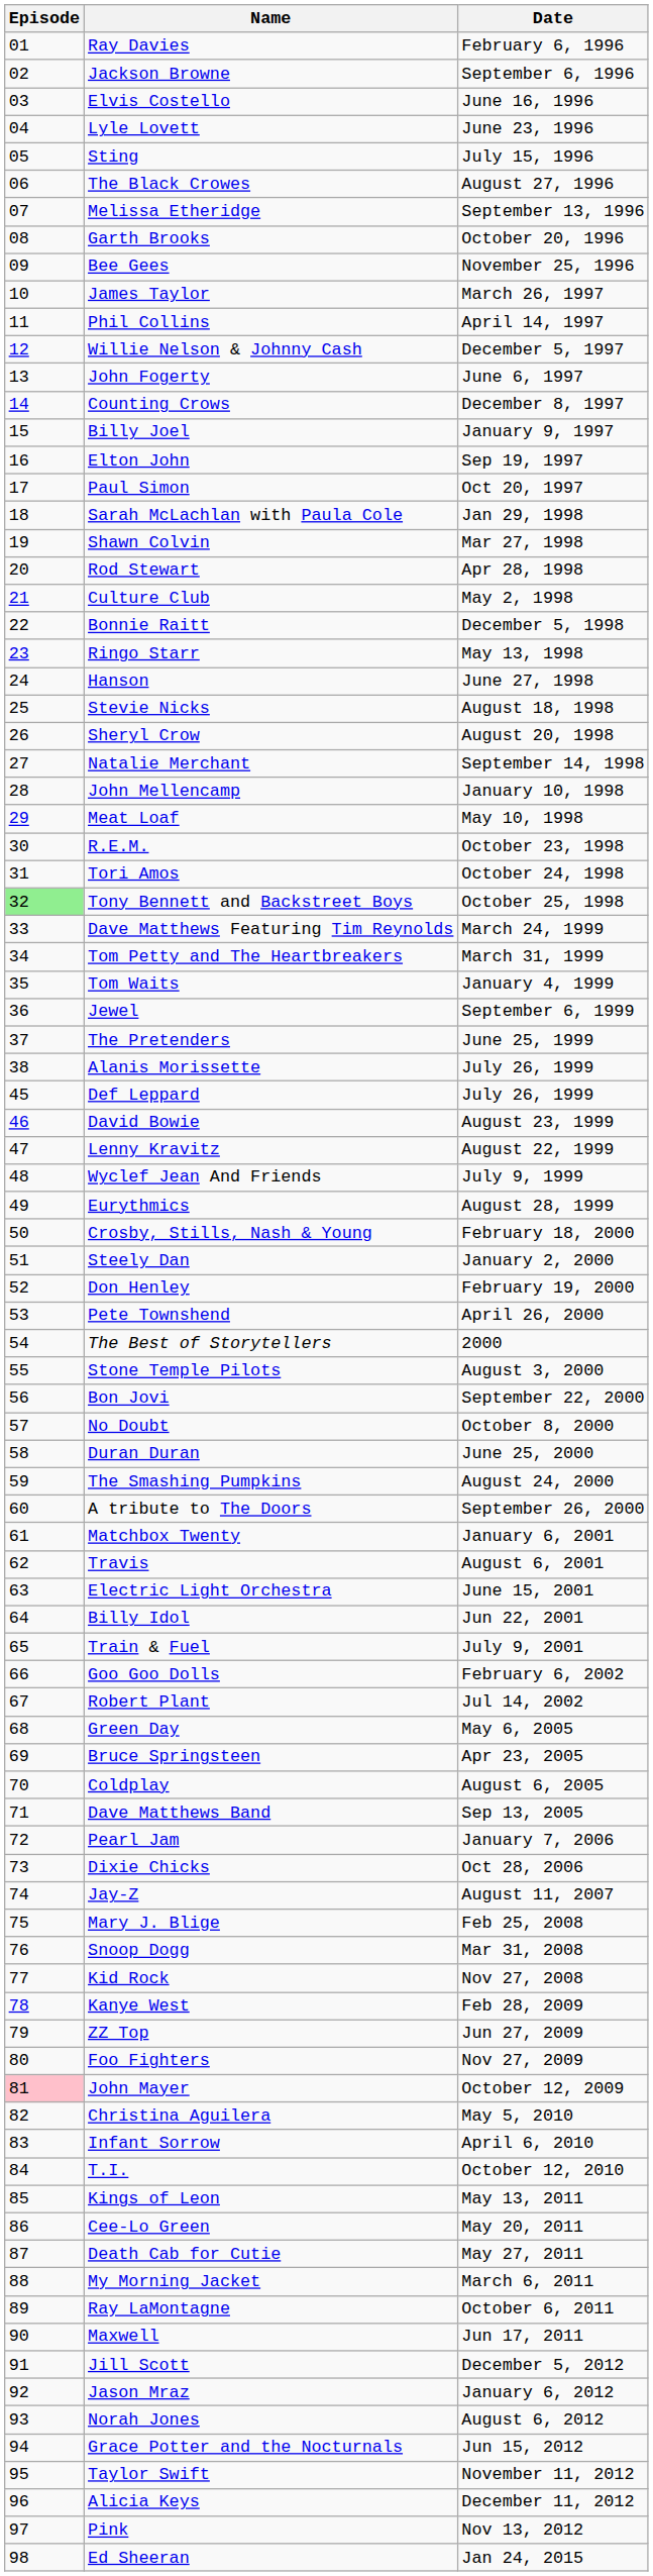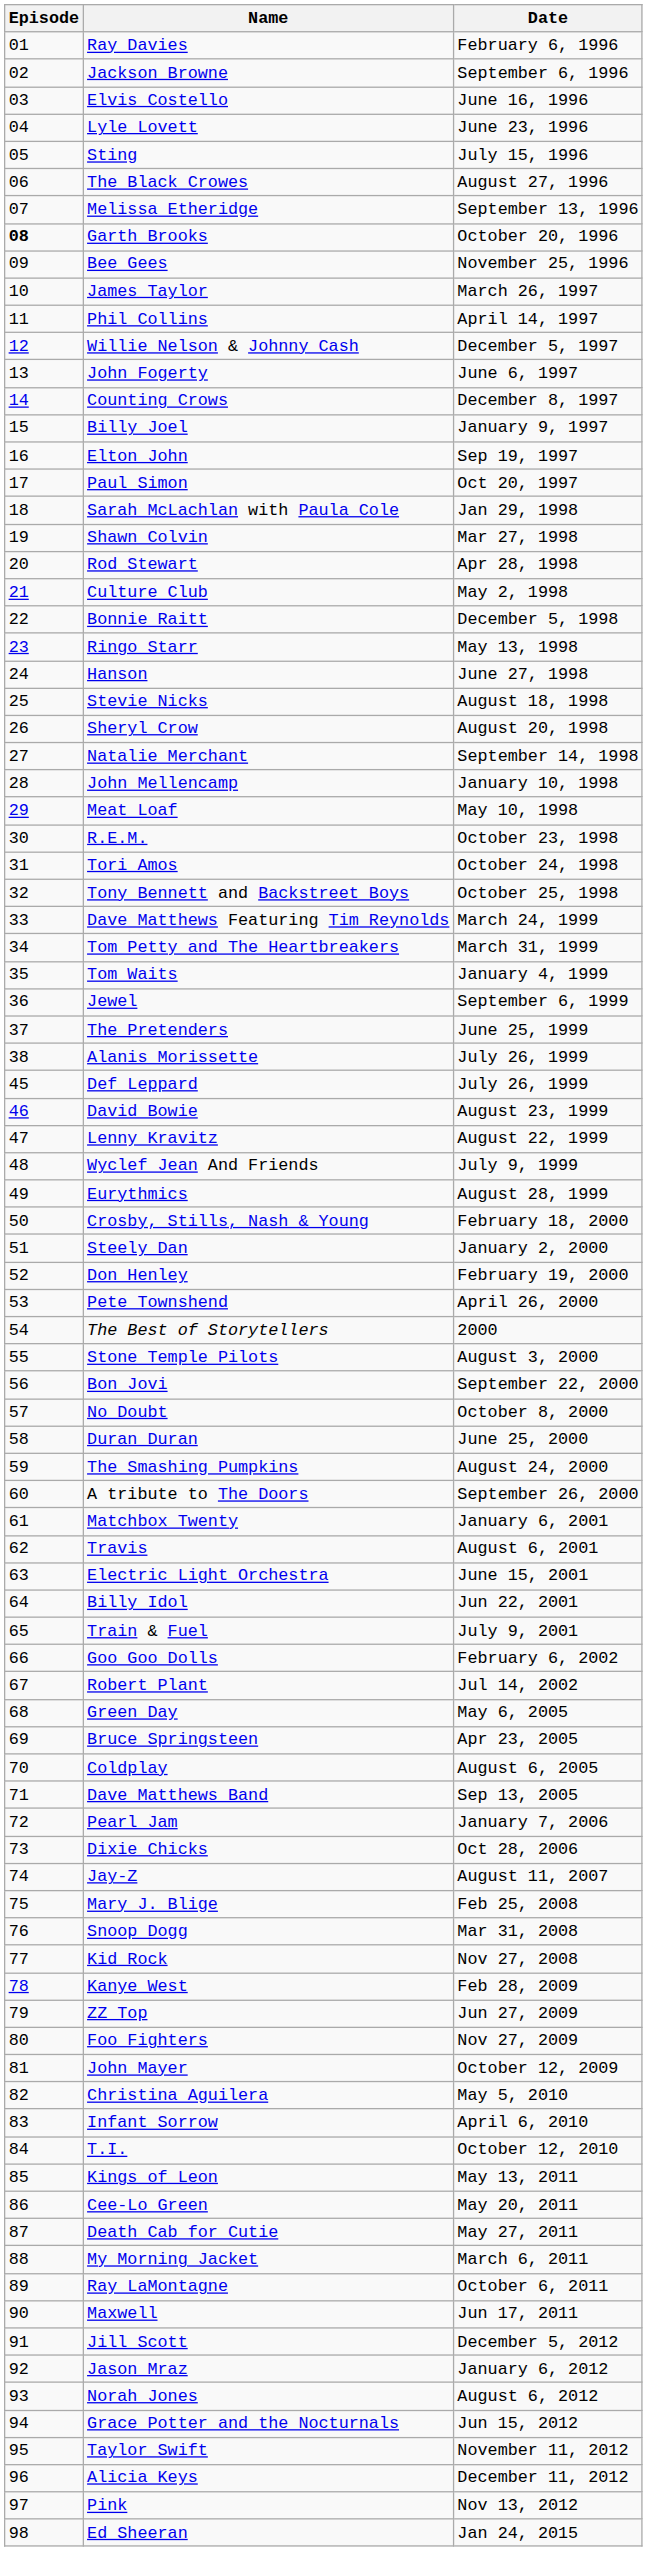 <table class="wikitable sortable">
 <tr>
 <th>Episode</th>
 <th>Name</th>
 <th>Date</th>
 </tr>
 <tr>
 <td>01</td>
 <td><a href='#'>Ray Davies</a></td>
 <td>February 6, 1996</td>
 </tr>
 <tr>
 <td>02</td>
 <td><a href='#'>Jackson Browne</a></td>
 <td>September 6, 1996</td>
 </tr>
 <tr>
 <td>03</td>
 <td><a href='#'>Elvis Costello</a></td>
 <td>June 16, 1996</td>
 </tr>
 <tr>
 <td>04</td>
 <td><a href='#'>Lyle Lovett</a></td>
 <td>June 23, 1996</td>
 </tr>
 <tr>
 <td>05</td>
 <td><a href='#'>Sting</a></td>
 <td>July 15, 1996</td>
 </tr>
 <tr>
 <td>06</td>
 <td><a href='#'>The Black Crowes</a></td>
 <td>August 27, 1996</td>
 </tr>
 <tr>
 <td>07</td>
 <td><a href='#'>Melissa Etheridge</a></td>
 <td>September 13, 1996</td>
 </tr>
 <tr>
-<td>08</td>
+<td><strong>08</strong></td>
 <td><a href='#'>Garth Brooks</a></td>
 <td>October 20, 1996</td>
 </tr>
 <tr>
 <td>09</td>
 <td><a href='#'>Bee Gees</a></td>
 <td>November 25, 1996</td>
 </tr>
 <tr>
 <td>10</td>
 <td><a href='#'>James Taylor</a></td>
 <td>March 26, 1997</td>
 </tr>
 <tr>
 <td>11</td>
 <td><a href='#'>Phil Collins</a></td>
 <td>April 14, 1997</td>
 </tr>
 <tr>
 <td><a href='#'>12</a></td>
 <td><a href='#'>Willie Nelson</a> & <a href='#'>Johnny Cash</a></td>
 <td>December 5, 1997</td>
 </tr>
 <tr>
 <td>13</td>
 <td><a href='#'>John Fogerty</a></td>
 <td>June 6, 1997</td>
 </tr>
 <tr>
 <td><a href='#'>14</a></td>
 <td><a href='#'>Counting Crows</a></td>
 <td>December 8, 1997</td>
 </tr>
 <tr>
 <td>15</td>
 <td><a href='#'>Billy Joel</a></td>
 <td>January 9, 1997</td>
 </tr>
 <tr>
 <td>16</td>
 <td><a href='#'>Elton John</a></td>
 <td>Sep 19, 1997</td>
 </tr>
 <tr>
 <td>17</td>
 <td><a href='#'>Paul Simon</a></td>
 <td>Oct 20, 1997</td>
 </tr>
 <tr>
 <td>18</td>
 <td><a href='#'>Sarah McLachlan</a> with <a href='#'>Paula Cole</a></td>
 <td>Jan 29, 1998</td>
 </tr>
 <tr>
 <td>19</td>
 <td><a href='#'>Shawn Colvin</a></td>
 <td>Mar 27, 1998</td>
 </tr>
 <tr>
 <td>20</td>
 <td><a href='#'>Rod Stewart</a></td>
 <td>Apr 28, 1998</td>
 </tr>
 <tr>
 <td><a href='#'>21</a></td>
 <td><a href='#'>Culture Club</a></td>
 <td>May 2, 1998</td>
 </tr>
 <tr>
 <td>22</td>
 <td><a href='#'>Bonnie Raitt</a></td>
 <td>December 5, 1998</td>
 </tr>
 <tr>
 <td><a href='#'>23</a></td>
 <td><a href='#'>Ringo Starr</a></td>
 <td>May 13, 1998</td>
 </tr>
 <tr>
 <td>24</td>
 <td><a href='#'>Hanson</a></td>
 <td>June 27, 1998</td>
 </tr>
 <tr>
 <td>25</td>
 <td><a href='#'>Stevie Nicks</a></td>
 <td>August 18, 1998</td>
 </tr>
 <tr>
 <td>26</td>
 <td><a href='#'>Sheryl Crow</a></td>
 <td>August 20, 1998</td>
 </tr>
 <tr>
 <td>27</td>
 <td><a href='#'>Natalie Merchant</a></td>
 <td>September 14, 1998</td>
 </tr>
 <tr>
 <td>28</td>
 <td><a href='#'>John Mellencamp</a></td>
 <td>January 10, 1998</td>
 </tr>
 <tr>
 <td><a href='#'>29</a></td>
 <td><a href='#'>Meat Loaf</a></td>
 <td>May 10, 1998</td>
 </tr>
 <tr>
 <td>30</td>
 <td><a href='#'>R.E.M.</a></td>
 <td>October 23, 1998</td>
 </tr>
 <tr>
 <td>31</td>
 <td><a href='#'>Tori Amos</a></td>
 <td>October 24, 1998</td>
 </tr>
 <tr>
-<td style="background: lightgreen;">32</td>
+<td>32</td>
 <td><a href='#'>Tony Bennett</a> and <a href='#'>Backstreet Boys</a></td>
 <td>October 25, 1998</td>
 </tr>
 <tr>
 <td>33</td>
 <td><a href='#'>Dave Matthews</a> Featuring <a href='#'>Tim Reynolds</a></td>
 <td>March 24, 1999</td>
 </tr>
 <tr>
 <td>34</td>
 <td><a href='#'>Tom Petty and The Heartbreakers</a></td>
 <td>March 31, 1999</td>
 </tr>
 <tr>
 <td>35</td>
 <td><a href='#'>Tom Waits</a></td>
 <td>January 4, 1999</td>
 </tr>
 <tr>
 <td>36</td>
 <td><a href='#'>Jewel</a></td>
 <td>September 6, 1999</td>
 </tr>
 <tr>
 <td>37</td>
 <td><a href='#'>The Pretenders</a></td>
 <td>June 25, 1999</td>
 </tr>
 <tr>
 <td>38</td>
 <td><a href='#'>Alanis Morissette</a></td>
 <td>July 26, 1999</td>
 </tr>
 <tr>
 <td>45</td>
 <td><a href='#'>Def Leppard</a></td>
 <td>July 26, 1999</td>
 </tr>
 <tr>
 <td><a href='#'>46</a></td>
 <td><a href='#'>David Bowie</a></td>
 <td>August 23, 1999</td>
 </tr>
 <tr>
 <td>47</td>
 <td><a href='#'>Lenny Kravitz</a></td>
 <td>August 22, 1999</td>
 </tr>
 <tr>
 <td>48</td>
 <td><a href='#'>Wyclef Jean</a> And Friends</td>
 <td>July 9, 1999</td>
 </tr>
 <tr>
 <td>49</td>
 <td><a href='#'>Eurythmics</a></td>
 <td>August 28, 1999</td>
 </tr>
 <tr>
 <td>50</td>
 <td><a href='#'>Crosby, Stills, Nash & Young</a></td>
 <td>February 18, 2000</td>
 </tr>
 <tr>
 <td>51</td>
 <td><a href='#'>Steely Dan</a></td>
 <td>January 2, 2000</td>
 </tr>
 <tr>
 <td>52</td>
 <td><a href='#'>Don Henley</a></td>
 <td>February 19, 2000</td>
 </tr>
 <tr>
 <td>53</td>
 <td><a href='#'>Pete Townshend</a></td>
 <td>April 26, 2000</td>
 </tr>
 <tr>
 <td>54</td>
 <td><em>The Best of Storytellers</em></td>
 <td>2000</td>
 </tr>
 <tr>
 <td>55</td>
 <td><a href='#'>Stone Temple Pilots</a></td>
 <td>August 3, 2000</td>
 </tr>
 <tr>
 <td>56</td>
 <td><a href='#'>Bon Jovi</a></td>
 <td>September 22, 2000</td>
 </tr>
 <tr>
 <td>57</td>
 <td><a href='#'>No Doubt</a></td>
 <td>October 8, 2000</td>
 </tr>
 <tr>
 <td>58</td>
 <td><a href='#'>Duran Duran</a></td>
 <td>June 25, 2000</td>
 </tr>
 <tr>
 <td>59</td>
 <td><a href='#'>The Smashing Pumpkins</a></td>
 <td>August 24, 2000</td>
 </tr>
 <tr>
 <td>60</td>
 <td>A tribute to <a href='#'>The Doors</a></td>
 <td>September 26, 2000</td>
 </tr>
 <tr>
 <td>61</td>
 <td><a href='#'>Matchbox Twenty</a></td>
 <td>January 6, 2001</td>
 </tr>
 <tr>
 <td>62</td>
 <td><a href='#'>Travis</a></td>
 <td>August 6, 2001</td>
 </tr>
 <tr>
 <td>63</td>
 <td><a href='#'>Electric Light Orchestra</a></td>
 <td>June 15, 2001</td>
 </tr>
 <tr>
 <td>64</td>
 <td><a href='#'>Billy Idol</a></td>
 <td>Jun 22, 2001</td>
 </tr>
 <tr>
 <td>65</td>
 <td><a href='#'>Train</a> & <a href='#'>Fuel</a></td>
 <td>July 9, 2001</td>
 </tr>
 <tr>
 <td>66</td>
 <td><a href='#'>Goo Goo Dolls</a></td>
 <td>February 6, 2002</td>
 </tr>
 <tr>
 <td>67</td>
 <td><a href='#'>Robert Plant</a></td>
 <td>Jul 14, 2002</td>
 </tr>
 <tr>
 <td>68</td>
 <td><a href='#'>Green Day</a></td>
 <td>May 6, 2005</td>
 </tr>
 <tr>
 <td>69</td>
 <td><a href='#'>Bruce Springsteen</a></td>
 <td>Apr 23, 2005</td>
 </tr>
 <tr>
 <td>70</td>
 <td><a href='#'>Coldplay</a></td>
 <td>August 6, 2005</td>
 </tr>
 <tr>
 <td>71</td>
 <td><a href='#'>Dave Matthews Band</a></td>
 <td>Sep 13, 2005</td>
 </tr>
 <tr>
 <td>72</td>
 <td><a href='#'>Pearl Jam</a></td>
 <td>January 7, 2006</td>
 </tr>
 <tr>
 <td>73</td>
 <td><a href='#'>Dixie Chicks</a></td>
 <td>Oct 28, 2006</td>
 </tr>
 <tr>
 <td>74</td>
 <td><a href='#'>Jay-Z</a></td>
 <td>August 11, 2007</td>
 </tr>
 <tr>
 <td>75</td>
 <td><a href='#'>Mary J. Blige</a></td>
 <td>Feb 25, 2008</td>
 </tr>
 <tr>
 <td>76</td>
 <td><a href='#'>Snoop Dogg</a></td>
 <td>Mar 31, 2008</td>
 </tr>
 <tr>
 <td>77</td>
 <td><a href='#'>Kid Rock</a></td>
 <td>Nov 27, 2008</td>
 </tr>
 <tr>
 <td><a href='#'>78</a></td>
 <td><a href='#'>Kanye West</a></td>
 <td>Feb 28, 2009</td>
 </tr>
 <tr>
 <td>79</td>
 <td><a href='#'>ZZ Top</a></td>
 <td>Jun 27, 2009</td>
 </tr>
 <tr>
 <td>80</td>
 <td><a href='#'>Foo Fighters</a></td>
 <td>Nov 27, 2009</td>
 </tr>
 <tr>
-<td style="background: pink;">81</td>
+<td>81</td>
 <td><a href='#'>John Mayer</a></td>
 <td>October 12, 2009</td>
 </tr>
 <tr>
 <td>82</td>
 <td><a href='#'>Christina Aguilera</a></td>
 <td>May 5, 2010</td>
 </tr>
 <tr>
 <td>83</td>
 <td><a href='#'>Infant Sorrow</a></td>
 <td>April 6, 2010</td>
 </tr>
 <tr>
 <td>84</td>
 <td><a href='#'>T.I.</a></td>
 <td>October 12, 2010</td>
 </tr>
 <tr>
 <td>85</td>
 <td><a href='#'>Kings of Leon</a></td>
 <td>May 13, 2011</td>
 </tr>
 <tr>
 <td>86</td>
 <td><a href='#'>Cee-Lo Green</a></td>
 <td>May 20, 2011</td>
 </tr>
 <tr>
 <td>87</td>
 <td><a href='#'>Death Cab for Cutie</a></td>
 <td>May 27, 2011</td>
 </tr>
 <tr>
 <td>88</td>
 <td><a href='#'>My Morning Jacket</a></td>
 <td>March 6, 2011</td>
 </tr>
 <tr>
 <td>89</td>
 <td><a href='#'>Ray LaMontagne</a></td>
 <td>October 6, 2011</td>
 </tr>
 <tr>
 <td>90</td>
 <td><a href='#'>Maxwell</a></td>
 <td>Jun 17, 2011</td>
 </tr>
 <tr>
 <td>91</td>
 <td><a href='#'>Jill Scott</a></td>
 <td>December 5, 2012</td>
 </tr>
 <tr>
 <td>92</td>
 <td><a href='#'>Jason Mraz</a></td>
 <td>January 6, 2012</td>
 </tr>
 <tr>
 <td>93</td>
 <td><a href='#'>Norah Jones</a></td>
 <td>August 6, 2012</td>
 </tr>
 <tr>
 <td>94</td>
 <td><a href='#'>Grace Potter and the Nocturnals</a></td>
 <td>Jun 15, 2012</td>
 </tr>
 <tr>
 <td>95</td>
 <td><a href='#'>Taylor Swift</a></td>
 <td>November 11, 2012</td>
 </tr>
 <tr>
 <td>96</td>
 <td><a href='#'>Alicia Keys</a></td>
 <td>December 11, 2012</td>
 </tr>
 <tr>
 <td>97</td>
 <td><a href='#'>Pink</a></td>
 <td>Nov 13, 2012</td>
 </tr>
 <tr>
 <td>98</td>
 <td><a href='#'>Ed Sheeran</a></td>
 <td>Jan 24, 2015</td>
 </tr>
 </table>
